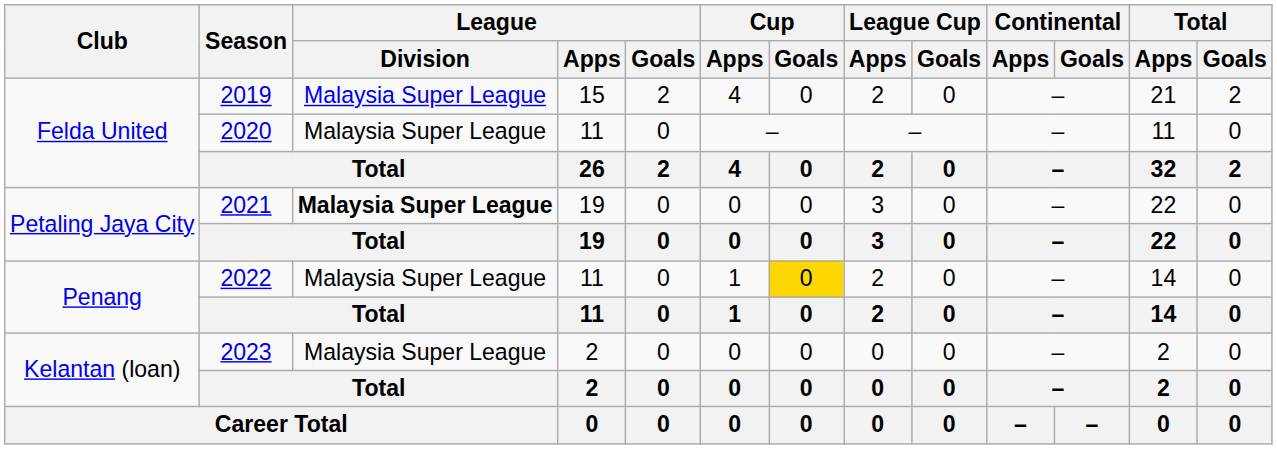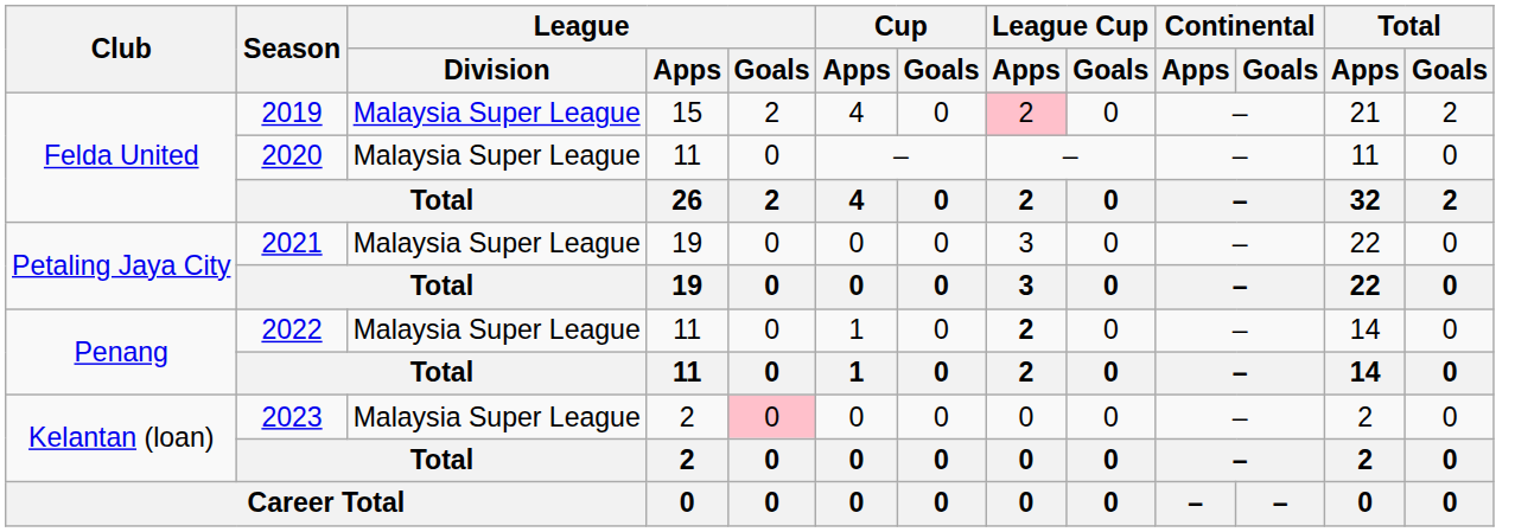 <table class=wikitable style="text-align:center">
 <tr>
 <th rowspan=2>Club</th>
 <th rowspan=2>Season</th>
 <th colspan=3>League</th>
 <th colspan=2>Cup</th>
 <th colspan=2>League Cup</th>
 <th colspan=2>Continental</th>
 <th colspan=2>Total</th>
 </tr>
 <tr>
 <th>Division</th>
 <th>Apps</th>
 <th>Goals</th>
 <th>Apps</th>
 <th>Goals</th>
 <th>Apps</th>
 <th>Goals</th>
 <th>Apps</th>
 <th>Goals</th>
 <th>Apps</th>
 <th>Goals</th>
 </tr>
 <tr>
 <td rowspan="3"><a href='#'>Felda United</a></td>
 <td><a href='#'>2019</a></td>
 <td><a href='#'>Malaysia Super League</a></td>
 <td>15</td>
 <td>2</td>
 <td>4</td>
 <td>0</td>
-<td>2</td>
+<td style="background: pink;">2</td>
 <td>0</td>
 <td colspan=2>–</td>
 <td>21</td>
 <td>2</td>
 </tr>
 <tr>
 <td><a href='#'>2020</a></td>
 <td>Malaysia Super League</td>
 <td>11</td>
 <td>0</td>
 <td colspan=2>–</td>
 <td colspan=2>–</td>
 <td colspan=2>–</td>
 <td>11</td>
 <td>0</td>
 </tr>
 <tr>
 <th colspan="2">Total</th>
 <th>26</th>
 <th>2</th>
 <th>4</th>
 <th>0</th>
 <th>2</th>
 <th>0</th>
 <th colspan=2>–</th>
 <th>32</th>
 <th>2</th>
 </tr>
 <tr>
 <td rowspan="2"><a href='#'>Petaling Jaya City</a></td>
 <td><a href='#'>2021</a></td>
-<td><strong>Malaysia Super League</strong></td>
+<td>Malaysia Super League</td>
 <td>19</td>
 <td>0</td>
 <td>0</td>
 <td>0</td>
 <td>3</td>
 <td>0</td>
 <td colspan=2>–</td>
 <td>22</td>
 <td>0</td>
 </tr>
 <tr>
 <th colspan="2">Total</th>
 <th>19</th>
 <th>0</th>
 <th>0</th>
 <th>0</th>
 <th>3</th>
 <th>0</th>
 <th colspan=2>–</th>
 <th>22</th>
 <th>0</th>
 </tr>
 <tr>
 <td rowspan="2"><a href='#'>Penang</a></td>
 <td><a href='#'>2022</a></td>
 <td>Malaysia Super League</td>
 <td>11</td>
 <td>0</td>
 <td>1</td>
-<td style="background: gold;">0</td>
-<td>2</td>
+<td>0</td>
+<td><strong>2</strong></td>
 <td>0</td>
 <td colspan=2>–</td>
 <td>14</td>
 <td>0</td>
 </tr>
 <tr>
 <th colspan="2">Total</th>
 <th>11</th>
 <th>0</th>
 <th>1</th>
 <th>0</th>
 <th>2</th>
 <th>0</th>
 <th colspan=2>–</th>
 <th>14</th>
 <th>0</th>
 </tr>
 <tr>
 <td rowspan="2"><a href='#'>Kelantan</a> (loan)</td>
 <td><a href='#'>2023</a></td>
 <td>Malaysia Super League</td>
 <td>2</td>
-<td>0</td>
+<td style="background: pink;">0</td>
 <td>0</td>
 <td>0</td>
 <td>0</td>
 <td>0</td>
 <td colspan=2>–</td>
 <td>2</td>
 <td>0</td>
 </tr>
 <tr>
 <th colspan="2">Total</th>
 <th>2</th>
 <th>0</th>
 <th>0</th>
 <th>0</th>
 <th>0</th>
 <th>0</th>
 <th colspan=2>–</th>
 <th>2</th>
 <th>0</th>
 </tr>
 <tr>
 <th colspan="3">Career Total</th>
 <th>0</th>
 <th>0</th>
 <th>0</th>
 <th>0</th>
 <th>0</th>
 <th>0</th>
 <th>–</th>
 <th>–</th>
 <th>0</th>
 <th>0</th>
 </tr>
 </table>
